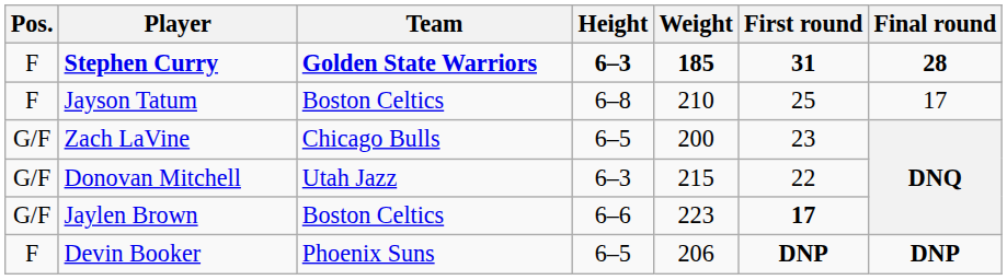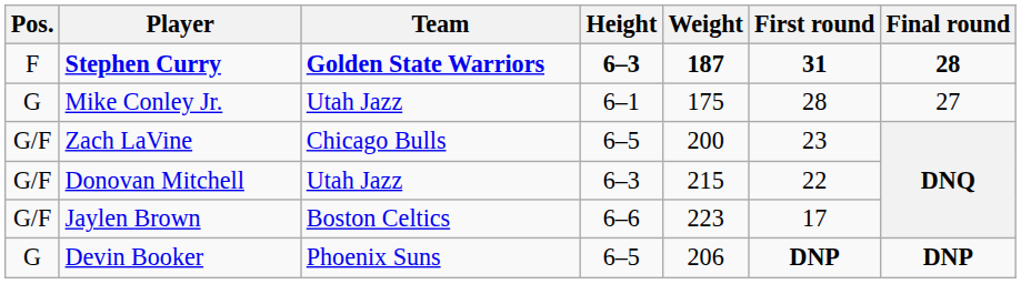 <table class="wikitable">
 <tr>
 <th>Pos.</th>
 <th style="width:150px;">Player</th>
 <th width=175>Team</th>
 <th>Height</th>
 <th>Weight</th>
 <th>First round</th>
 <th>Final round</th>
 </tr>
 <tr>
 <td style="text-align:center">F</td>
 <td><strong><a href='#'>Stephen Curry</a></strong></td>
 <td><strong><a href='#'>Golden State Warriors</a></strong></td>
 <td align=center><strong>6–3</strong></td>
-<td align=center><strong>185</strong></td>
+<td align=center><strong>187</strong></td>
 <td align=center><strong>31</strong></td>
 <td style="text-align:center;"><strong>28</strong></td>
 </tr>
 <tr>
-<td style="text-align:center">F</td>
-<td><a href='#'>Jayson Tatum</a></td>
-<td><a href='#'>Boston Celtics</a></td>
-<td align=center>6–8</td>
-<td align=center>210</td>
-<td align=center>25</td>
-<td style="text-align:center;">17</td>
+<td style="text-align:center">G</td>
+<td><a href='#'>Mike Conley Jr.</a></td>
+<td><a href='#'>Utah Jazz</a></td>
+<td align=center>6–1</td>
+<td align=center>175</td>
+<td align=center>28</td>
+<td style="text-align:center;">27</td>
 </tr>
 <tr>
 <td style="text-align:center">G/F</td>
 <td><a href='#'>Zach LaVine</a></td>
 <td><a href='#'>Chicago Bulls</a></td>
 <td align=center>6–5</td>
 <td align=center>200</td>
 <td align=center>23</td>
 <th rowspan="3" style="text-align:center;">DNQ</th>
 </tr>
 <tr>
 <td style="text-align:center">G/F</td>
 <td><a href='#'>Donovan Mitchell</a></td>
 <td><a href='#'>Utah Jazz</a></td>
 <td align=center>6–3</td>
 <td align=center>215</td>
 <td align=center>22</td>
 </tr>
 <tr>
 <td style="text-align:center">G/F</td>
 <td><a href='#'>Jaylen Brown</a></td>
 <td><a href='#'>Boston Celtics</a></td>
 <td align=center>6–6</td>
 <td align=center>223</td>
-<td align=center><strong>17</strong></td>
+<td align=center>17</td>
 </tr>
 <tr>
-<td style="text-align:center">F</td>
+<td style="text-align:center">G</td>
 <td><a href='#'>Devin Booker</a></td>
 <td><a href='#'>Phoenix Suns</a></td>
 <td align=center>6–5</td>
 <td align=center>206</td>
 <td align=center><strong>DNP</strong></td>
 <td style="text-align:center;"><strong>DNP</strong></td>
 </tr>
 </table>
